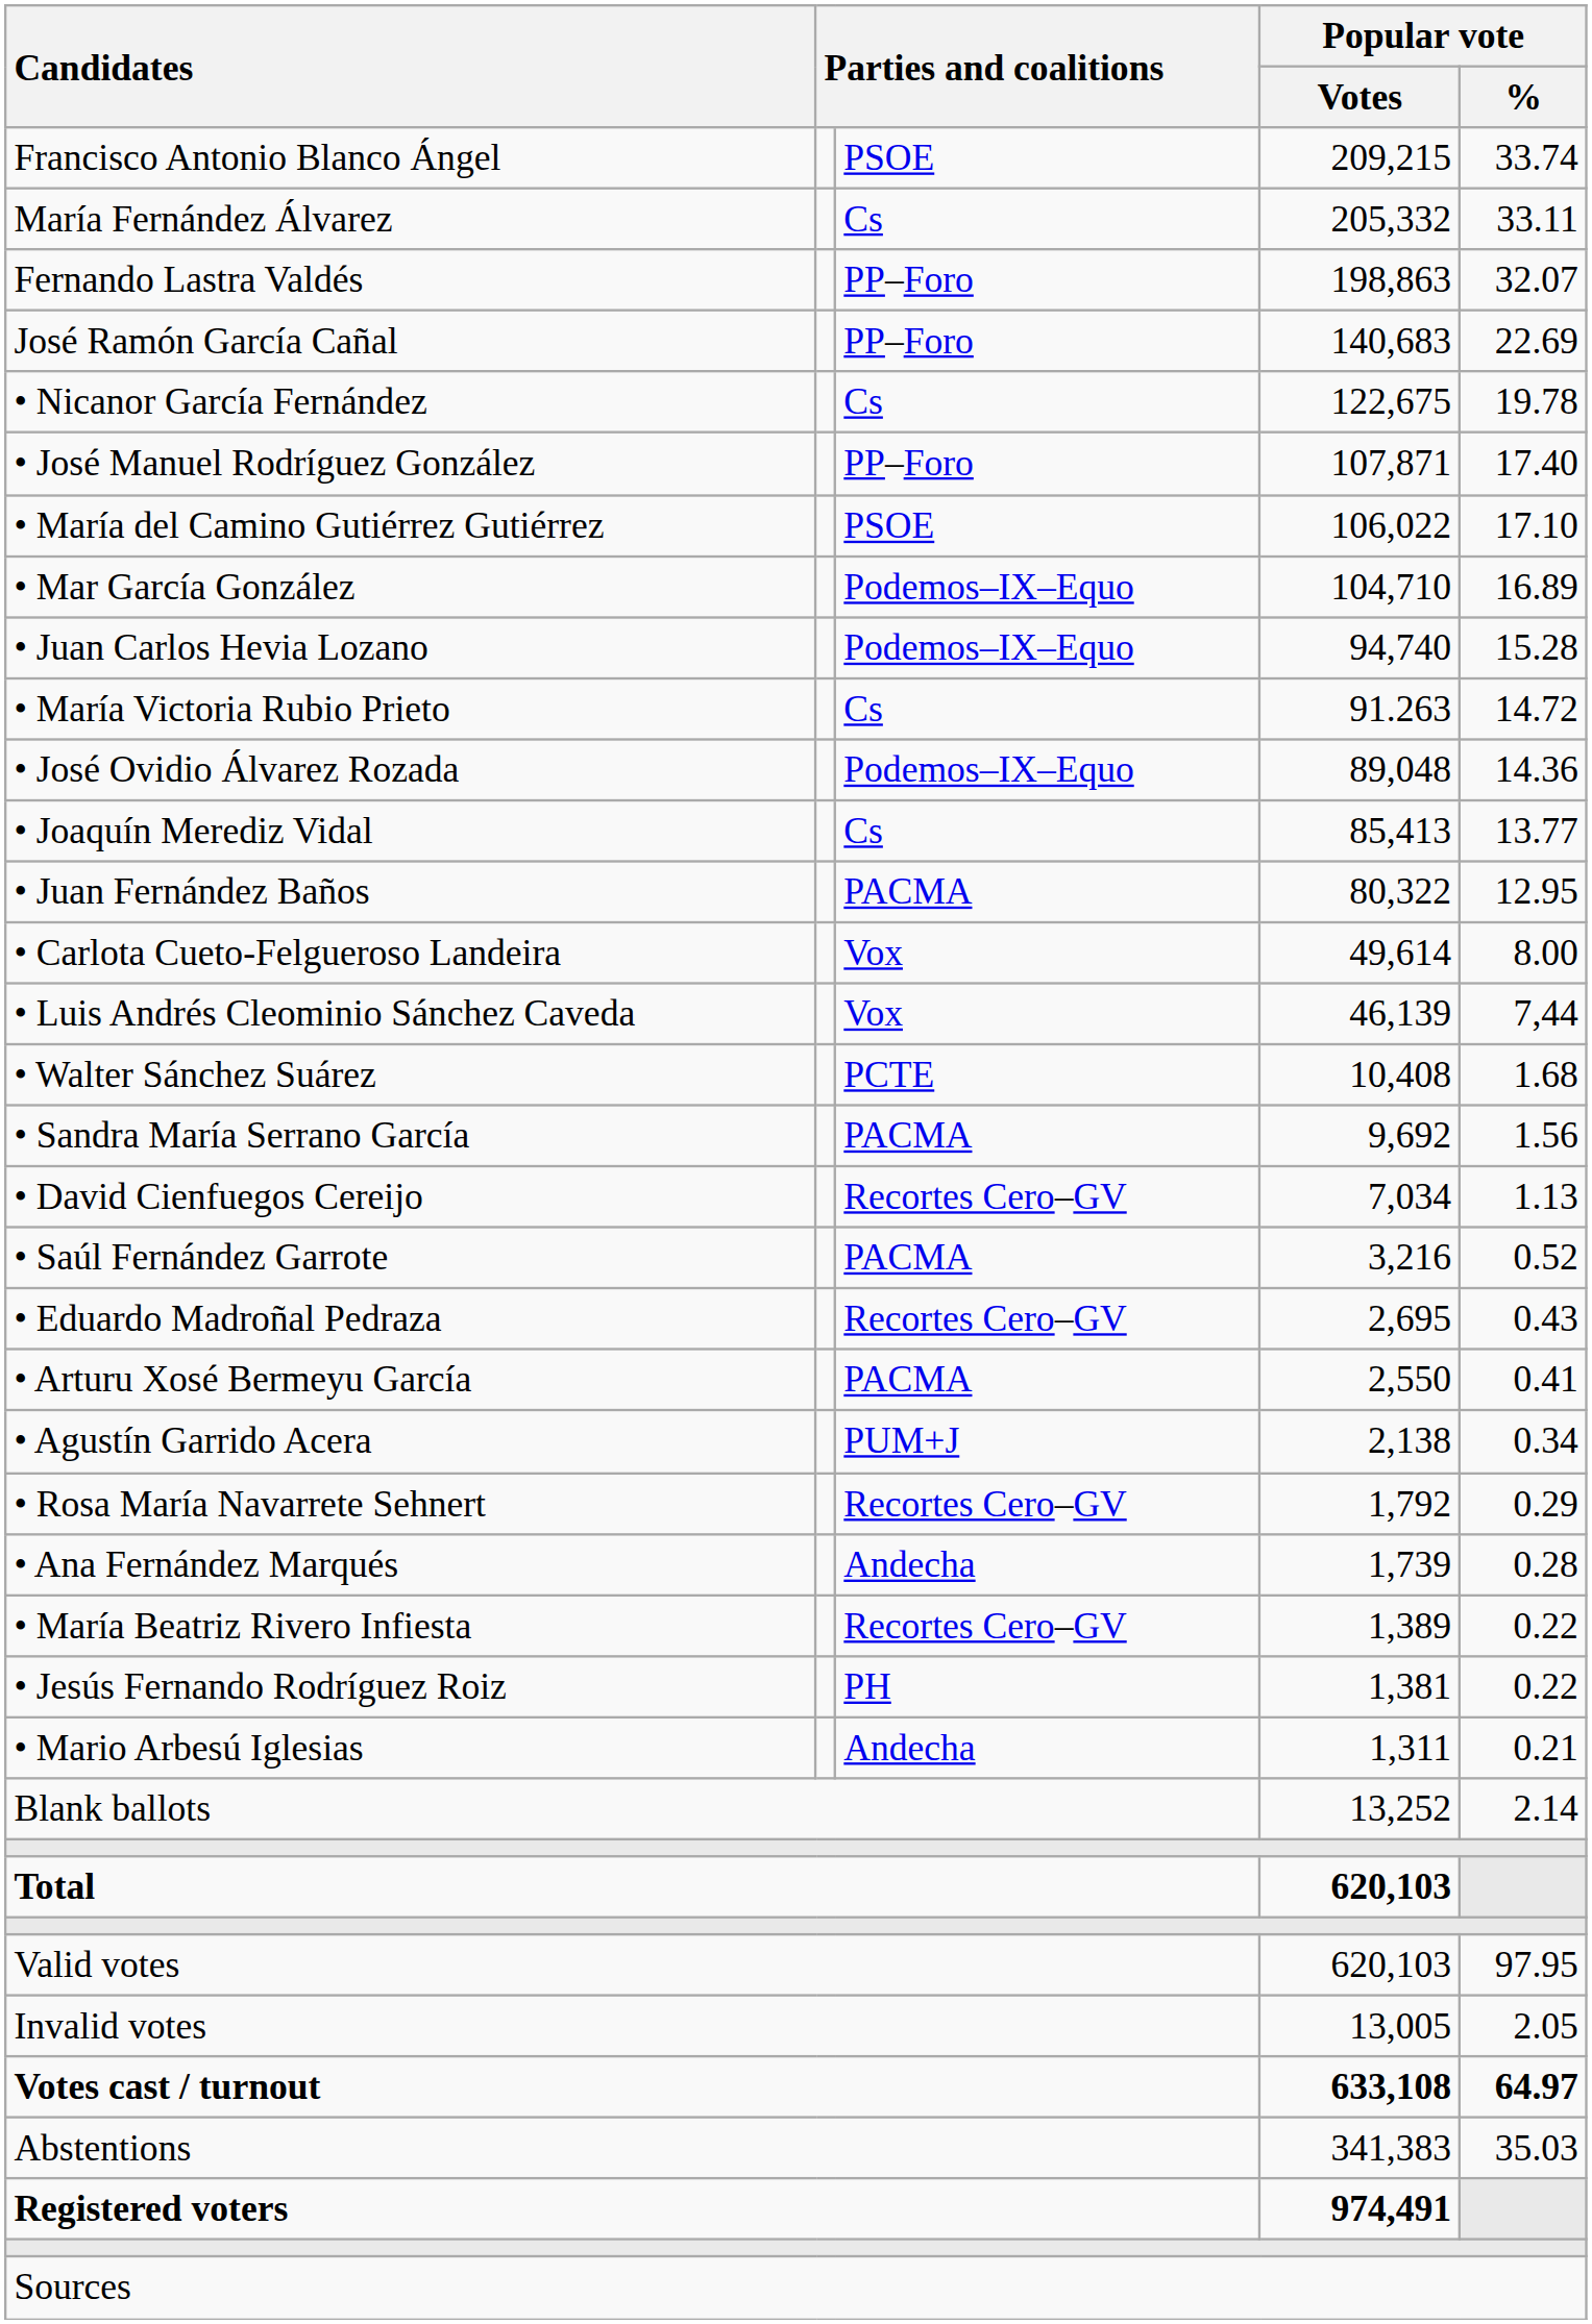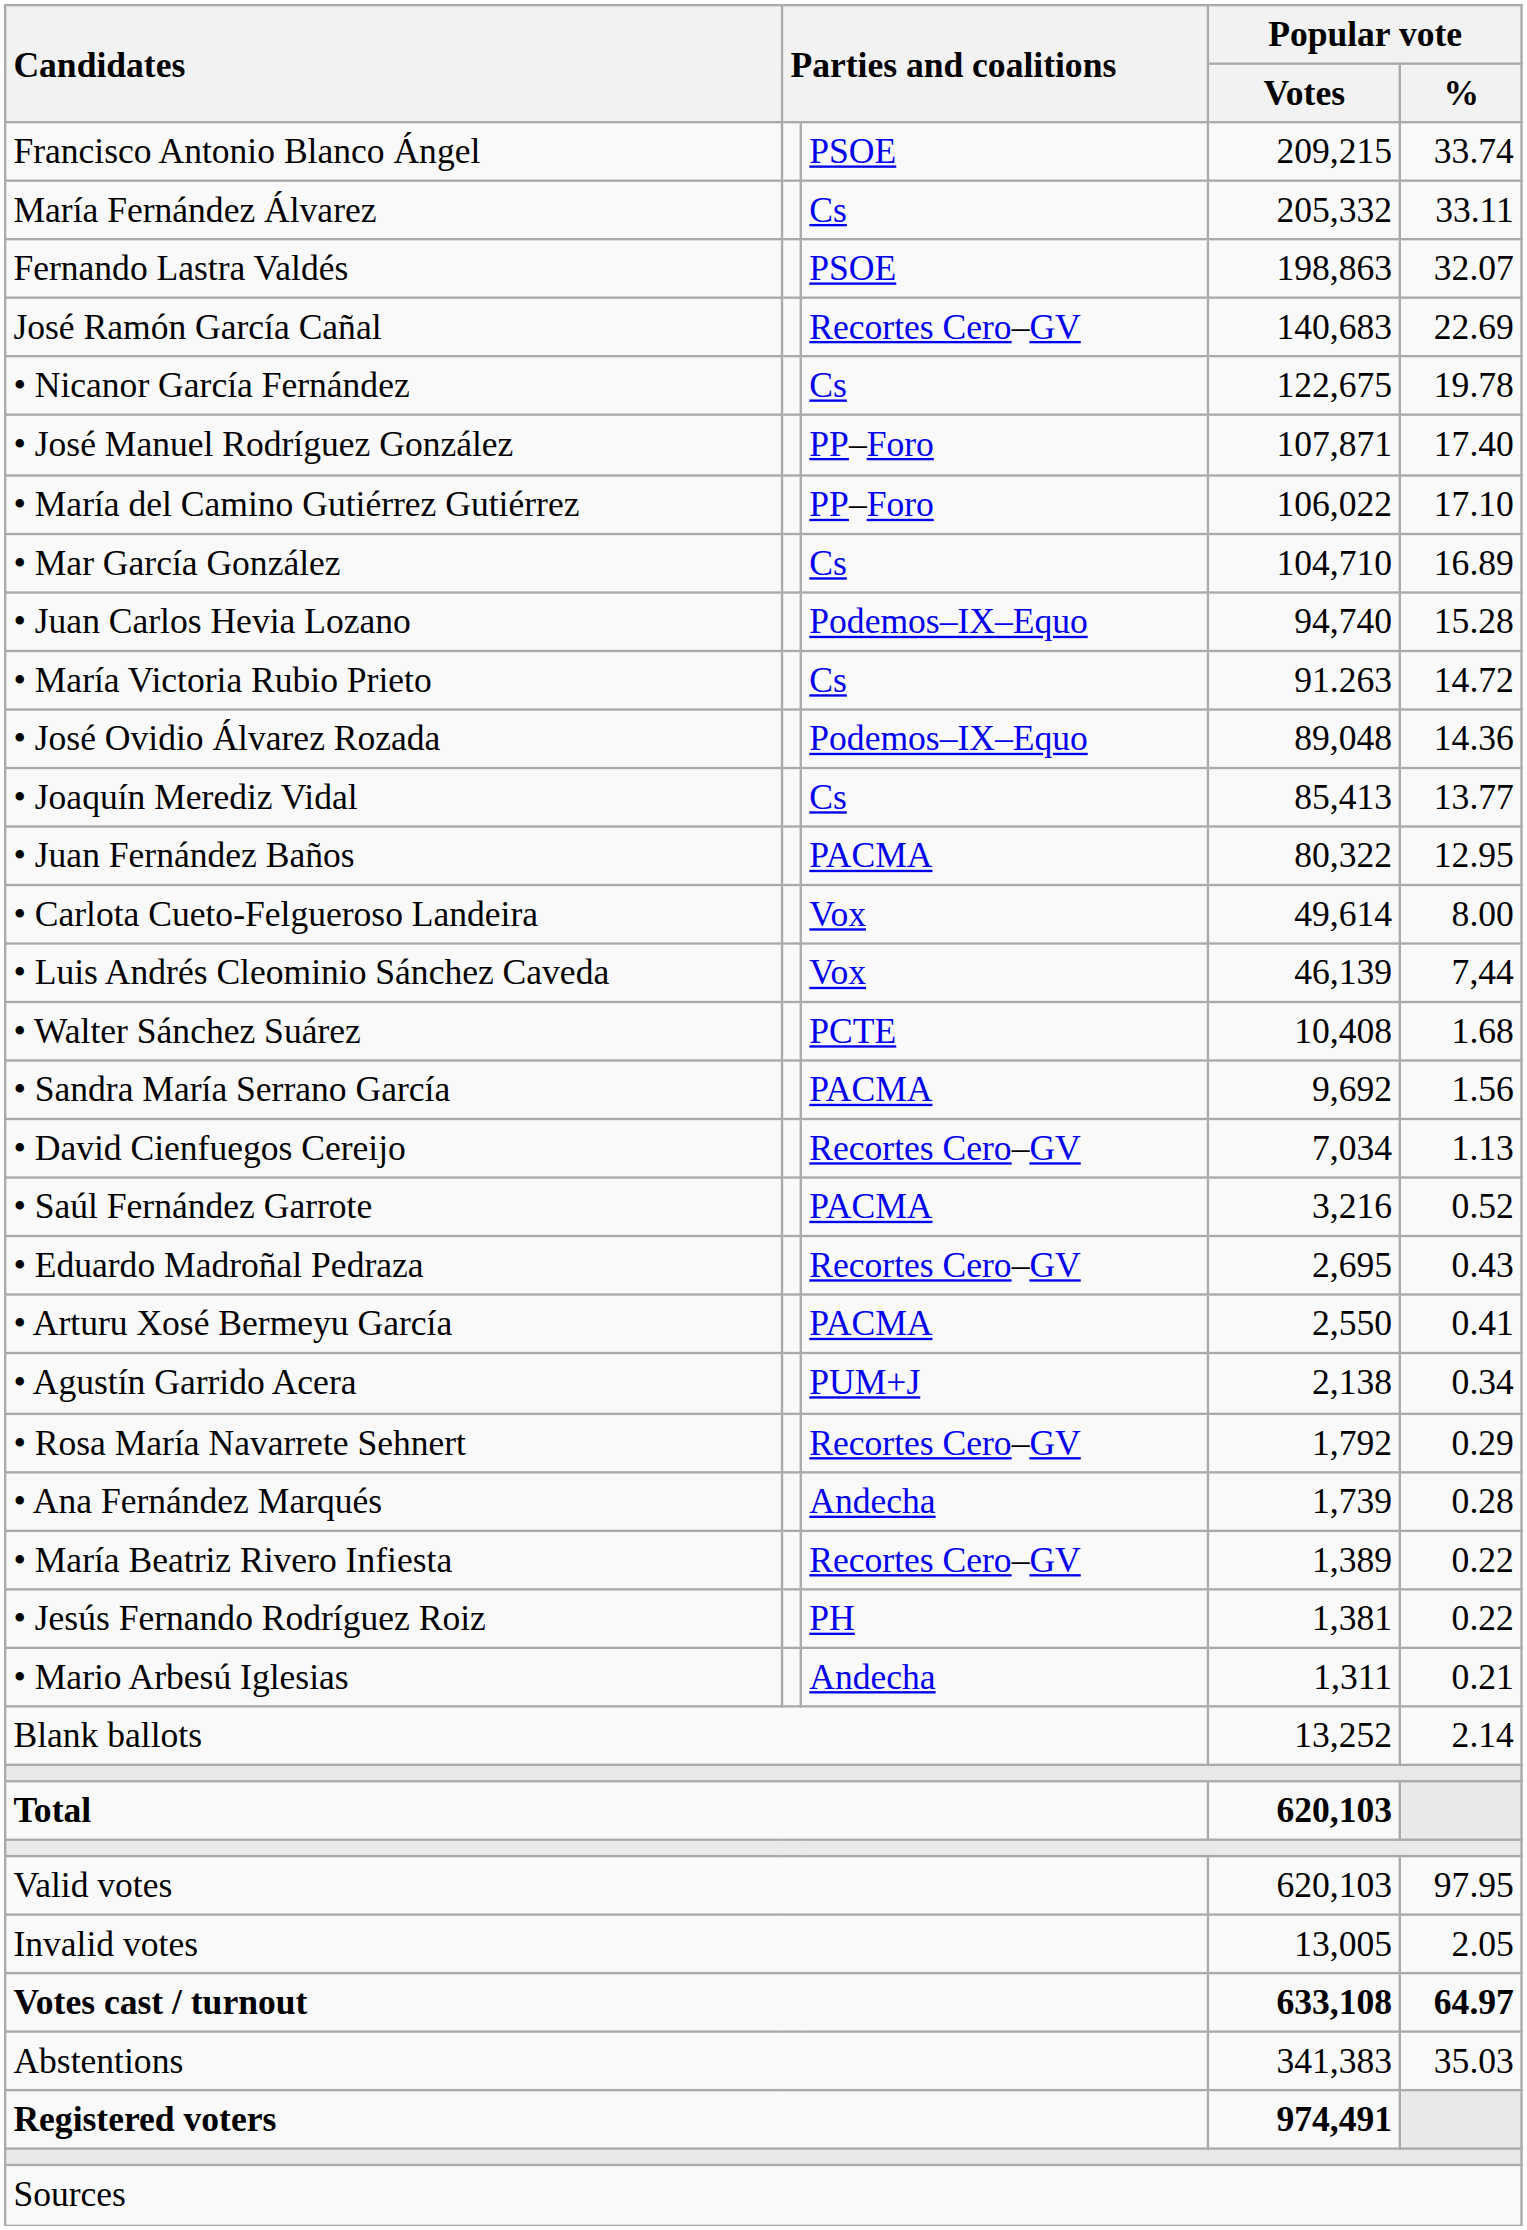 <table class="wikitable" style="text-align:right; font-size:95%;">
 <tr>
 <th style="text-align:left;" rowspan="2" width="325">Candidates</th>
 <th style="text-align:left;" rowspan="2" colspan="2" width="175">Parties and coalitions</th>
 <th colspan="2">Popular vote</th>
 </tr>
 <tr>
 <th width="75">Votes</th>
 <th width="45">%</th>
 </tr>
 <tr>
 <td align="left"> Francisco Antonio Blanco Ángel</td>
 <td width="1" style="color:inherit;background:"></td>
 <td align="left"><a href='#'>PSOE</a></td>
 <td>209,215</td>
 <td>33.74</td>
 </tr>
 <tr>
 <td align="left"> María Fernández Álvarez</td>
 <td style="color:inherit;background:"></td>
 <td align="left"><a href='#'>Cs</a></td>
 <td>205,332</td>
 <td>33.11</td>
 </tr>
 <tr>
 <td align="left"> Fernando Lastra Valdés</td>
 <td style="color:inherit;background:"></td>
-<td align="left"><a href='#'>PP</a>–<a href='#'>Foro</a></td>
+<td align="left"><a href='#'>PSOE</a></td>
 <td>198,863</td>
 <td>32.07</td>
 </tr>
 <tr>
 <td align="left"> José Ramón García Cañal</td>
 <td style="color:inherit;background:"></td>
-<td align="left"><a href='#'>PP</a>–<a href='#'>Foro</a></td>
+<td align="left"><a href='#'>Recortes Cero</a>–<a href='#'>GV</a></td>
 <td>140,683</td>
 <td>22.69</td>
 </tr>
 <tr>
 <td align="left">• Nicanor García Fernández</td>
 <td style="color:inherit;background:"></td>
 <td align="left"><a href='#'>Cs</a></td>
 <td>122,675</td>
 <td>19.78</td>
 </tr>
 <tr>
 <td align="left">• José Manuel Rodríguez González</td>
 <td style="color:inherit;background:"></td>
 <td align="left"><a href='#'>PP</a>–<a href='#'>Foro</a></td>
 <td>107,871</td>
 <td>17.40</td>
 </tr>
 <tr>
 <td align="left">• María del Camino Gutiérrez Gutiérrez</td>
 <td style="color:inherit;background:"></td>
-<td align="left"><a href='#'>PSOE</a></td>
+<td align="left"><a href='#'>PP</a>–<a href='#'>Foro</a></td>
 <td>106,022</td>
 <td>17.10</td>
 </tr>
 <tr>
 <td align="left">• Mar García González</td>
 <td style="color:inherit;background:"></td>
-<td align="left"><a href='#'>Podemos–IX–Equo</a></td>
+<td align="left"><a href='#'>Cs</a></td>
 <td>104,710</td>
 <td>16.89</td>
 </tr>
 <tr>
 <td align="left">• Juan Carlos Hevia Lozano</td>
 <td style="color:inherit;background:"></td>
 <td align="left"><a href='#'>Podemos–IX–Equo</a></td>
 <td>94,740</td>
 <td>15.28</td>
 </tr>
 <tr>
 <td align="left">• María Victoria Rubio Prieto</td>
 <td style="color:inherit;background:"></td>
 <td align="left"><a href='#'>Cs</a></td>
 <td>91.263</td>
 <td>14.72</td>
 </tr>
 <tr>
 <td align="left">• José Ovidio Álvarez Rozada</td>
 <td style="color:inherit;background:"></td>
 <td align="left"><a href='#'>Podemos–IX–Equo</a></td>
 <td>89,048</td>
 <td>14.36</td>
 </tr>
 <tr>
 <td align="left">• Joaquín Merediz Vidal</td>
 <td style="color:inherit;background:"></td>
 <td align="left"><a href='#'>Cs</a></td>
 <td>85,413</td>
 <td>13.77</td>
 </tr>
 <tr>
 <td align="left">• Juan Fernández Baños</td>
 <td style="color:inherit;background:"></td>
 <td align="left"><a href='#'>PACMA</a></td>
 <td>80,322</td>
 <td>12.95</td>
 </tr>
 <tr>
 <td align="left">• Carlota Cueto-Felgueroso Landeira</td>
 <td style="color:inherit;background:"></td>
 <td align="left"><a href='#'>Vox</a></td>
 <td>49,614</td>
 <td>8.00</td>
 </tr>
 <tr>
 <td align="left">• Luis Andrés Cleominio Sánchez Caveda</td>
 <td style="color:inherit;background:"></td>
 <td align="left"><a href='#'>Vox</a></td>
 <td>46,139</td>
 <td>7,44</td>
 </tr>
 <tr>
 <td align="left">• Walter Sánchez Suárez</td>
 <td style="color:inherit;background:"></td>
 <td align="left"><a href='#'>PCTE</a></td>
 <td>10,408</td>
 <td>1.68</td>
 </tr>
 <tr>
 <td align="left">• Sandra María Serrano García</td>
 <td style="color:inherit;background:"></td>
 <td align="left"><a href='#'>PACMA</a></td>
 <td>9,692</td>
 <td>1.56</td>
 </tr>
 <tr>
 <td align="left">• David Cienfuegos Cereijo</td>
 <td style="color:inherit;background:"></td>
 <td align="left"><a href='#'>Recortes Cero</a>–<a href='#'>GV</a></td>
 <td>7,034</td>
 <td>1.13</td>
 </tr>
 <tr>
 <td align="left">• Saúl Fernández Garrote</td>
 <td style="color:inherit;background:"></td>
 <td align="left"><a href='#'>PACMA</a></td>
 <td>3,216</td>
 <td>0.52</td>
 </tr>
 <tr>
 <td align="left">• Eduardo Madroñal Pedraza</td>
 <td style="color:inherit;background:"></td>
 <td align="left"><a href='#'>Recortes Cero</a>–<a href='#'>GV</a></td>
 <td>2,695</td>
 <td>0.43</td>
 </tr>
 <tr>
 <td align="left">• Arturu Xosé Bermeyu García</td>
 <td style="color:inherit;background:"></td>
 <td align="left"><a href='#'>PACMA</a></td>
 <td>2,550</td>
 <td>0.41</td>
 </tr>
 <tr>
 <td align="left">• Agustín Garrido Acera</td>
 <td style="color:inherit;background:"></td>
 <td align="left"><a href='#'>PUM+J</a></td>
 <td>2,138</td>
 <td>0.34</td>
 </tr>
 <tr>
 <td align="left">• Rosa María Navarrete Sehnert</td>
 <td style="color:inherit;background:"></td>
 <td align="left"><a href='#'>Recortes Cero</a>–<a href='#'>GV</a></td>
 <td>1,792</td>
 <td>0.29</td>
 </tr>
 <tr>
 <td align="left">• Ana Fernández Marqués</td>
 <td style="color:inherit;background:"></td>
 <td align="left"><a href='#'>Andecha</a></td>
 <td>1,739</td>
 <td>0.28</td>
 </tr>
 <tr>
 <td align="left">• María Beatriz Rivero Infiesta</td>
 <td style="color:inherit;background:"></td>
 <td align="left"><a href='#'>Recortes Cero</a>–<a href='#'>GV</a></td>
 <td>1,389</td>
 <td>0.22</td>
 </tr>
 <tr>
 <td align="left">• Jesús Fernando Rodríguez Roiz</td>
 <td style="color:inherit;background:"></td>
 <td align="left"><a href='#'>PH</a></td>
 <td>1,381</td>
 <td>0.22</td>
 </tr>
 <tr>
 <td align="left">• Mario Arbesú Iglesias</td>
 <td style="color:inherit;background:"></td>
 <td align="left"><a href='#'>Andecha</a></td>
 <td>1,311</td>
 <td>0.21</td>
 </tr>
 <tr>
 <td align="left" colspan="3">Blank ballots</td>
 <td>13,252</td>
 <td>2.14</td>
 </tr>
 <tr>
 <td colspan="5" bgcolor="#E9E9E9"></td>
 </tr>
 <tr style="font-weight:bold;">
 <td align="left" colspan="3">Total</td>
 <td>620,103</td>
 <td bgcolor="#E9E9E9"></td>
 </tr>
 <tr>
 <td colspan="5" bgcolor="#E9E9E9"></td>
 </tr>
 <tr>
 <td align="left" colspan="3">Valid votes</td>
 <td>620,103</td>
 <td>97.95</td>
 </tr>
 <tr>
 <td align="left" colspan="3">Invalid votes</td>
 <td>13,005</td>
 <td>2.05</td>
 </tr>
 <tr style="font-weight:bold;">
 <td align="left" colspan="3">Votes cast / turnout</td>
 <td>633,108</td>
 <td>64.97</td>
 </tr>
 <tr>
 <td align="left" colspan="3">Abstentions</td>
 <td>341,383</td>
 <td>35.03</td>
 </tr>
 <tr style="font-weight:bold;">
 <td align="left" colspan="3">Registered voters</td>
 <td>974,491</td>
 <td bgcolor="#E9E9E9"></td>
 </tr>
 <tr>
 <td colspan="5" bgcolor="#E9E9E9"></td>
 </tr>
 <tr>
 <td align="left" colspan="5">Sources</td>
 </tr>
 </table>
